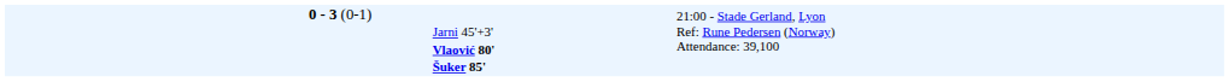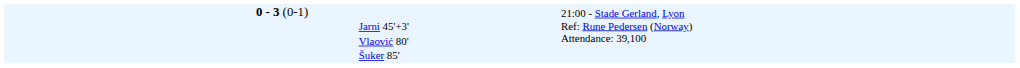 <table cellspacing=0 width=100% style=background:#EBF5FF>
 <tr>
 </tr>
 <tr>
 </tr>
 <tr>
 <td width="20%" align="right"><strong></strong></td>
 <td align="center" width=15%><strong>0 - 3</strong> (0-1)</td>
 <td width="20%"><strong></strong></td>
 <td style=font-size:85% rowspan=3>21:00 - <a href='#'>Stade Gerland</a>, <a href='#'>Lyon</a><br>Ref: <a href='#'>Rune Pedersen</a> (<a href='#'>Norway</a>)<br>Attendance: 39,100</td>
 </tr>
 <tr style=font-size:85%>
 <td></td>
 <td></td>
 <td><a href='#'>Jarni</a> 45'+3'</td>
 </tr>
 <tr style=font-size:85%>
 <td></td>
 <td></td>
-<td><strong><a href='#'>Vlaović</a> 80'</strong></td>
+<td><a href='#'>Vlaović</a> 80'</td>
 </tr>
 <tr style=font-size:85%>
 <td></td>
 <td></td>
-<td><strong><a href='#'>Šuker</a> 85'</strong></td>
+<td><a href='#'>Šuker</a> 85'</td>
 </tr>
 </table>
